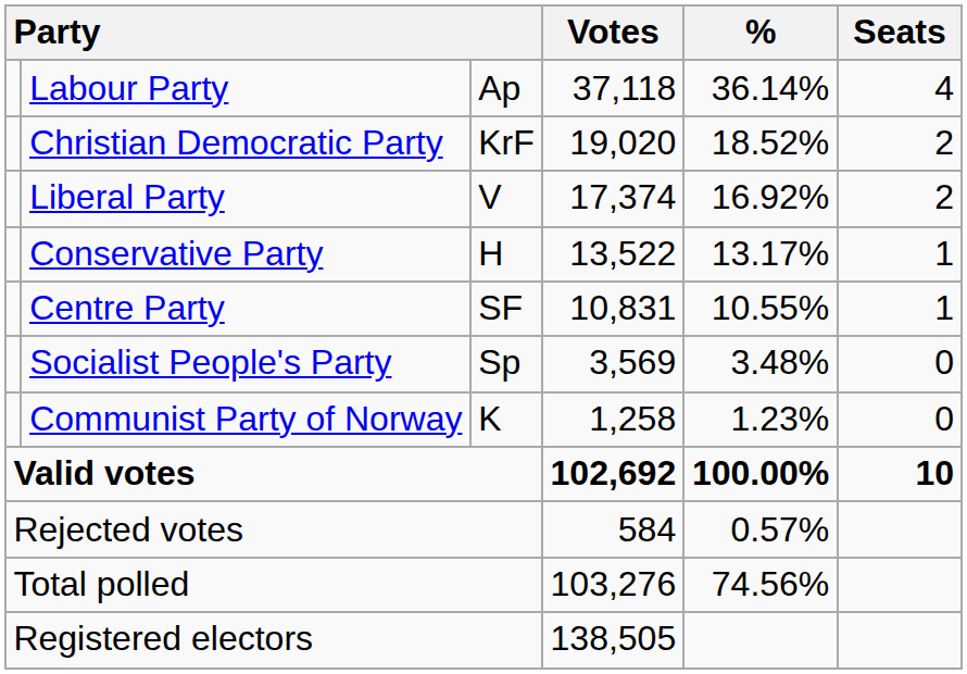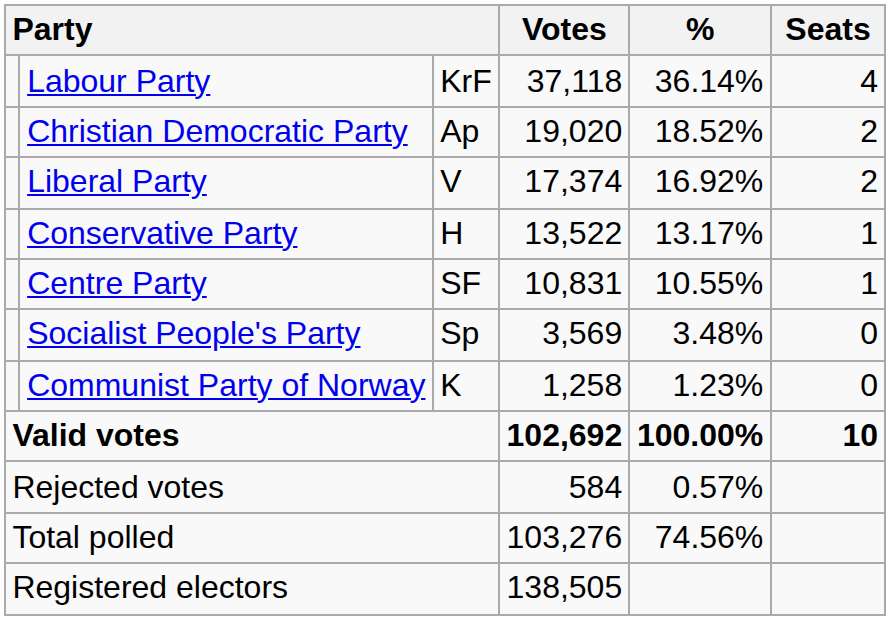 <table class="wikitable" border="1" style="text-align:right;">
 <tr>
 <th style="text-align:left;" colspan=3>Party</th>
 <th align=center width="50">Votes</th>
 <th align=center width="50">%</th>
 <th align=center width="50">Seats</th>
 </tr>
 <tr>
 <td style="color:inherit;background:"></td>
 <td align=left><a href='#'>Labour Party</a></td>
-<td align=left>Ap</td>
+<td align=left>KrF</td>
 <td>37,118</td>
 <td>36.14%</td>
 <td>4</td>
 </tr>
 <tr>
 <td style="color:inherit;background:"></td>
 <td align=left><a href='#'>Christian Democratic Party</a></td>
-<td align=left>KrF</td>
+<td align=left>Ap</td>
 <td>19,020</td>
 <td>18.52%</td>
 <td>2</td>
 </tr>
 <tr>
 <td style="color:inherit;background:"></td>
 <td align=left><a href='#'>Liberal Party</a></td>
 <td align=left>V</td>
 <td>17,374</td>
 <td>16.92%</td>
 <td>2</td>
 </tr>
 <tr>
 <td style="color:inherit;background:"></td>
 <td align=left><a href='#'>Conservative Party</a></td>
 <td align=left>H</td>
 <td>13,522</td>
 <td>13.17%</td>
 <td>1</td>
 </tr>
 <tr>
 <td style="color:inherit;background:"></td>
 <td align=left><a href='#'>Centre Party</a></td>
 <td align=left>SF</td>
 <td>10,831</td>
 <td>10.55%</td>
 <td>1</td>
 </tr>
 <tr>
 <td style="color:inherit;background:"></td>
 <td align=left><a href='#'>Socialist People's Party</a></td>
 <td align=left>Sp</td>
 <td>3,569</td>
 <td>3.48%</td>
 <td>0</td>
 </tr>
 <tr>
 <td style="color:inherit;background:"></td>
 <td align=left><a href='#'>Communist Party of Norway</a></td>
 <td align=left>K</td>
 <td>1,258</td>
 <td>1.23%</td>
 <td>0</td>
 </tr>
 <tr style="font-weight:bold">
 <td align=left colspan=3>Valid votes</td>
 <td>102,692</td>
 <td>100.00%</td>
 <td>10</td>
 </tr>
 <tr>
 <td align=left colspan=3>Rejected votes</td>
 <td>584</td>
 <td>0.57%</td>
 <td></td>
 </tr>
 <tr>
 <td align=left colspan=3>Total polled</td>
 <td>103,276</td>
 <td>74.56%</td>
 <td></td>
 </tr>
 <tr>
 <td align=left colspan=3>Registered electors</td>
 <td>138,505</td>
 <td></td>
 <td></td>
 </tr>
 </table>
